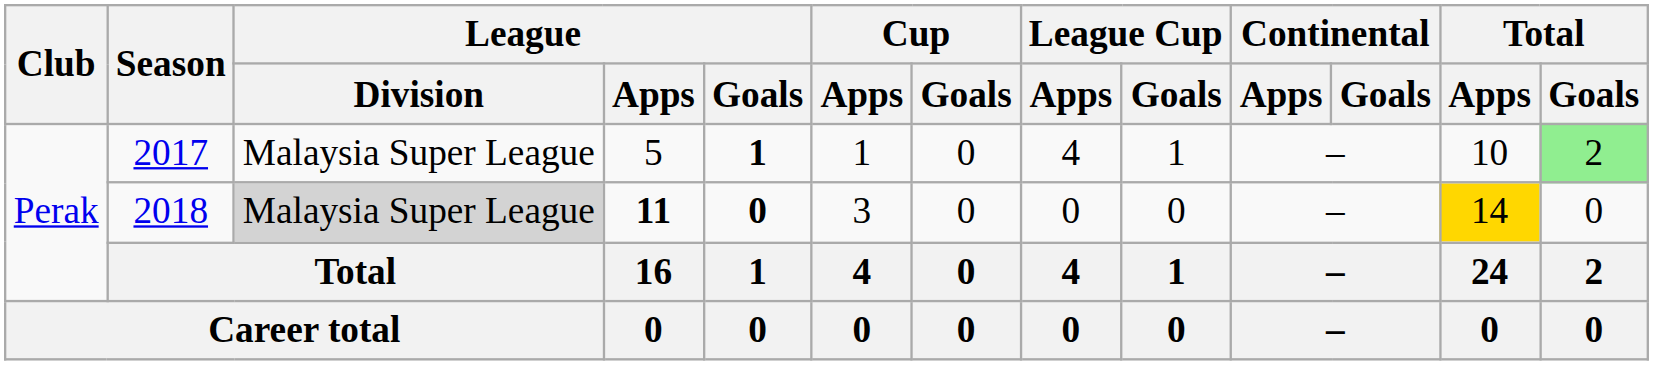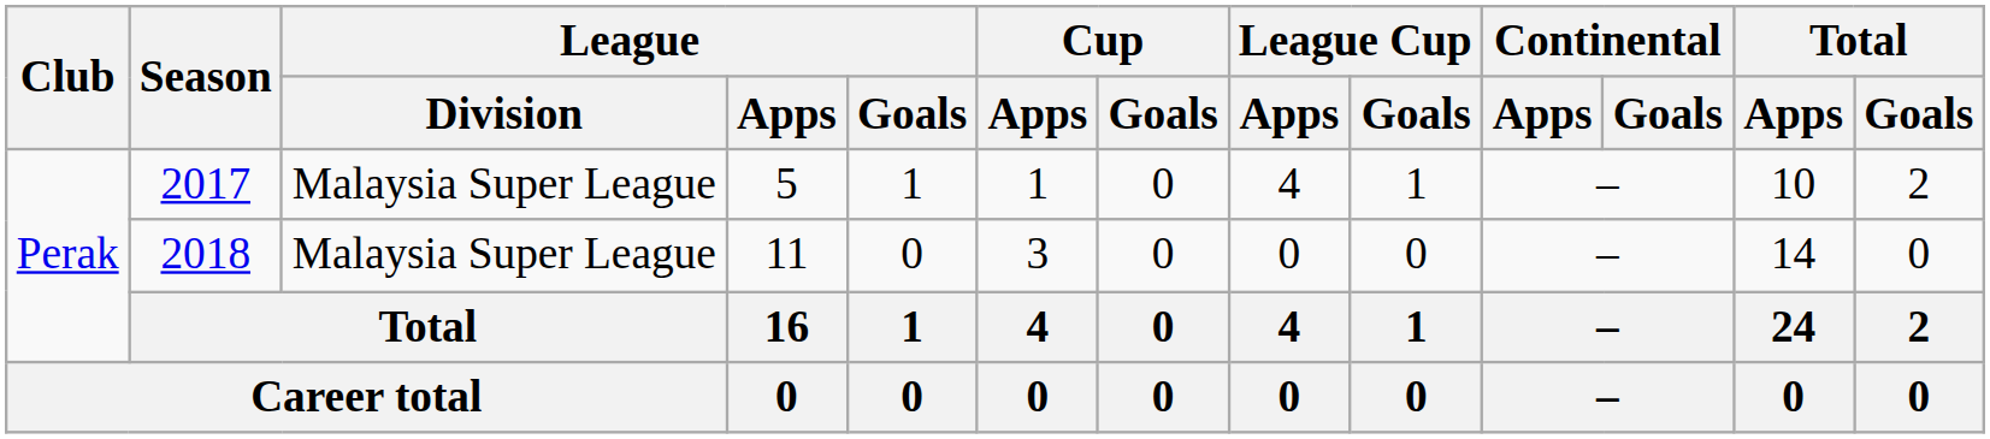 <table class=wikitable style="text-align: center">
 <tr>
 <th rowspan=2>Club</th>
 <th rowspan=2>Season</th>
 <th colspan=3>League</th>
 <th colspan=2>Cup</th>
 <th colspan=2>League Cup</th>
 <th colspan=2>Continental</th>
 <th colspan=2>Total</th>
 </tr>
 <tr>
 <th>Division</th>
 <th>Apps</th>
 <th>Goals</th>
 <th>Apps</th>
 <th>Goals</th>
 <th>Apps</th>
 <th>Goals</th>
 <th>Apps</th>
 <th>Goals</th>
 <th>Apps</th>
 <th>Goals</th>
 </tr>
 <tr>
 <td rowspan=3><a href='#'>Perak</a></td>
 <td><a href='#'>2017</a></td>
 <td>Malaysia Super League</td>
 <td>5</td>
-<td><strong>1</strong></td>
+<td>1</td>
 <td>1</td>
 <td>0</td>
 <td>4</td>
 <td>1</td>
 <td colspan="2">–</td>
 <td>10</td>
-<td style="background: lightgreen;">2</td>
+<td>2</td>
 </tr>
 <tr>
 <td><a href='#'>2018</a></td>
-<td style="background: lightgrey;">Malaysia Super League</td>
-<td><strong>11</strong></td>
-<td><strong>0</strong></td>
+<td>Malaysia Super League</td>
+<td>11</td>
+<td>0</td>
 <td>3</td>
 <td>0</td>
 <td>0</td>
 <td>0</td>
 <td colspan="2">–</td>
-<td style="background: gold;">14</td>
+<td>14</td>
 <td>0</td>
 </tr>
 <tr>
 <th colspan=2>Total</th>
 <th>16</th>
 <th>1</th>
 <th>4</th>
 <th>0</th>
 <th>4</th>
 <th>1</th>
 <th colspan="2">–</th>
 <th>24</th>
 <th>2</th>
 </tr>
 <tr>
 <th colspan=3>Career total</th>
 <th>0</th>
 <th>0</th>
 <th>0</th>
 <th>0</th>
 <th>0</th>
 <th>0</th>
 <th colspan="2">–</th>
 <th>0</th>
 <th>0</th>
 </tr>
 </table>
